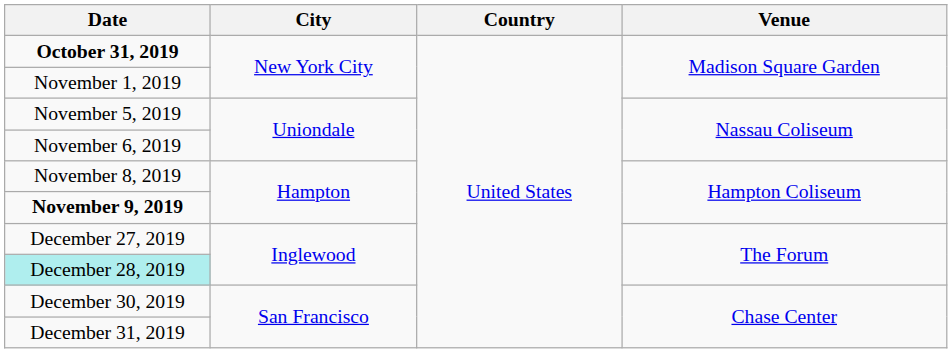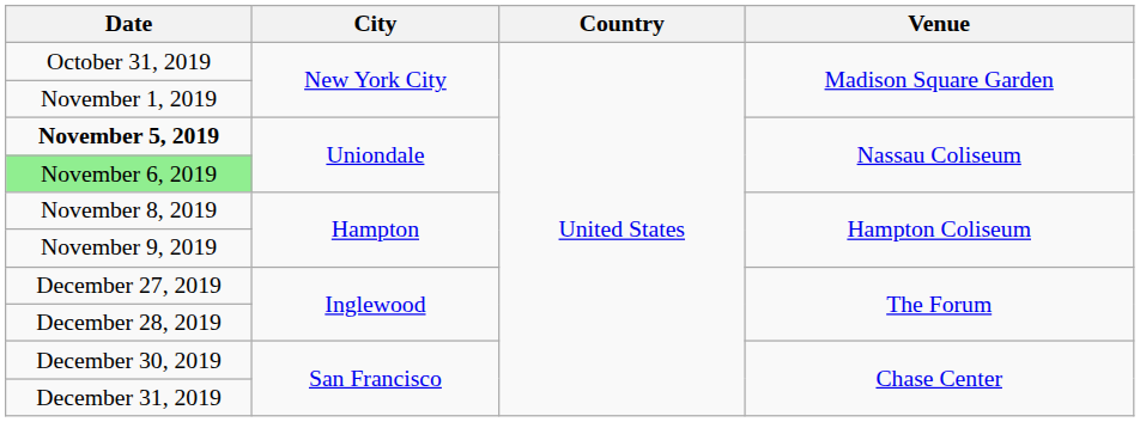 <table class="wikitable" style="text-align:center;">
 <tr>
 <th scope="col" style="width:10em;">Date</th>
 <th scope="col" style="width:10em;">City</th>
 <th scope="col" style="width:10em;">Country</th>
 <th scope="col" style="width:16em;">Venue</th>
 </tr>
 <tr>
-<td><strong>October 31, 2019</strong></td>
+<td>October 31, 2019</td>
 <td rowspan="2"><a href='#'>New York City</a></td>
 <td rowspan="10"><a href='#'>United States</a></td>
 <td rowspan="2"><a href='#'>Madison Square Garden</a></td>
 </tr>
 <tr>
 <td>November 1, 2019</td>
 </tr>
 <tr>
-<td>November 5, 2019</td>
+<td><strong>November 5, 2019</strong></td>
 <td rowspan="2"><a href='#'>Uniondale</a></td>
 <td rowspan="2"><a href='#'>Nassau Coliseum</a></td>
 </tr>
 <tr>
-<td>November 6, 2019</td>
+<td style="background: lightgreen;">November 6, 2019</td>
 </tr>
 <tr>
 <td>November 8, 2019</td>
 <td rowspan="2"><a href='#'>Hampton</a></td>
 <td rowspan="2"><a href='#'>Hampton Coliseum</a></td>
 </tr>
 <tr>
-<td><strong>November 9, 2019</strong></td>
+<td>November 9, 2019</td>
 </tr>
 <tr>
 <td>December 27, 2019</td>
 <td rowspan="2"><a href='#'>Inglewood</a></td>
 <td rowspan="2"><a href='#'>The Forum</a></td>
 </tr>
 <tr>
-<td style="background: paleturquoise;">December 28, 2019</td>
+<td>December 28, 2019</td>
 </tr>
 <tr>
 <td>December 30, 2019</td>
 <td rowspan="2"><a href='#'>San Francisco</a></td>
 <td rowspan="2"><a href='#'>Chase Center</a></td>
 </tr>
 <tr>
 <td>December 31, 2019</td>
 </tr>
 </table>
